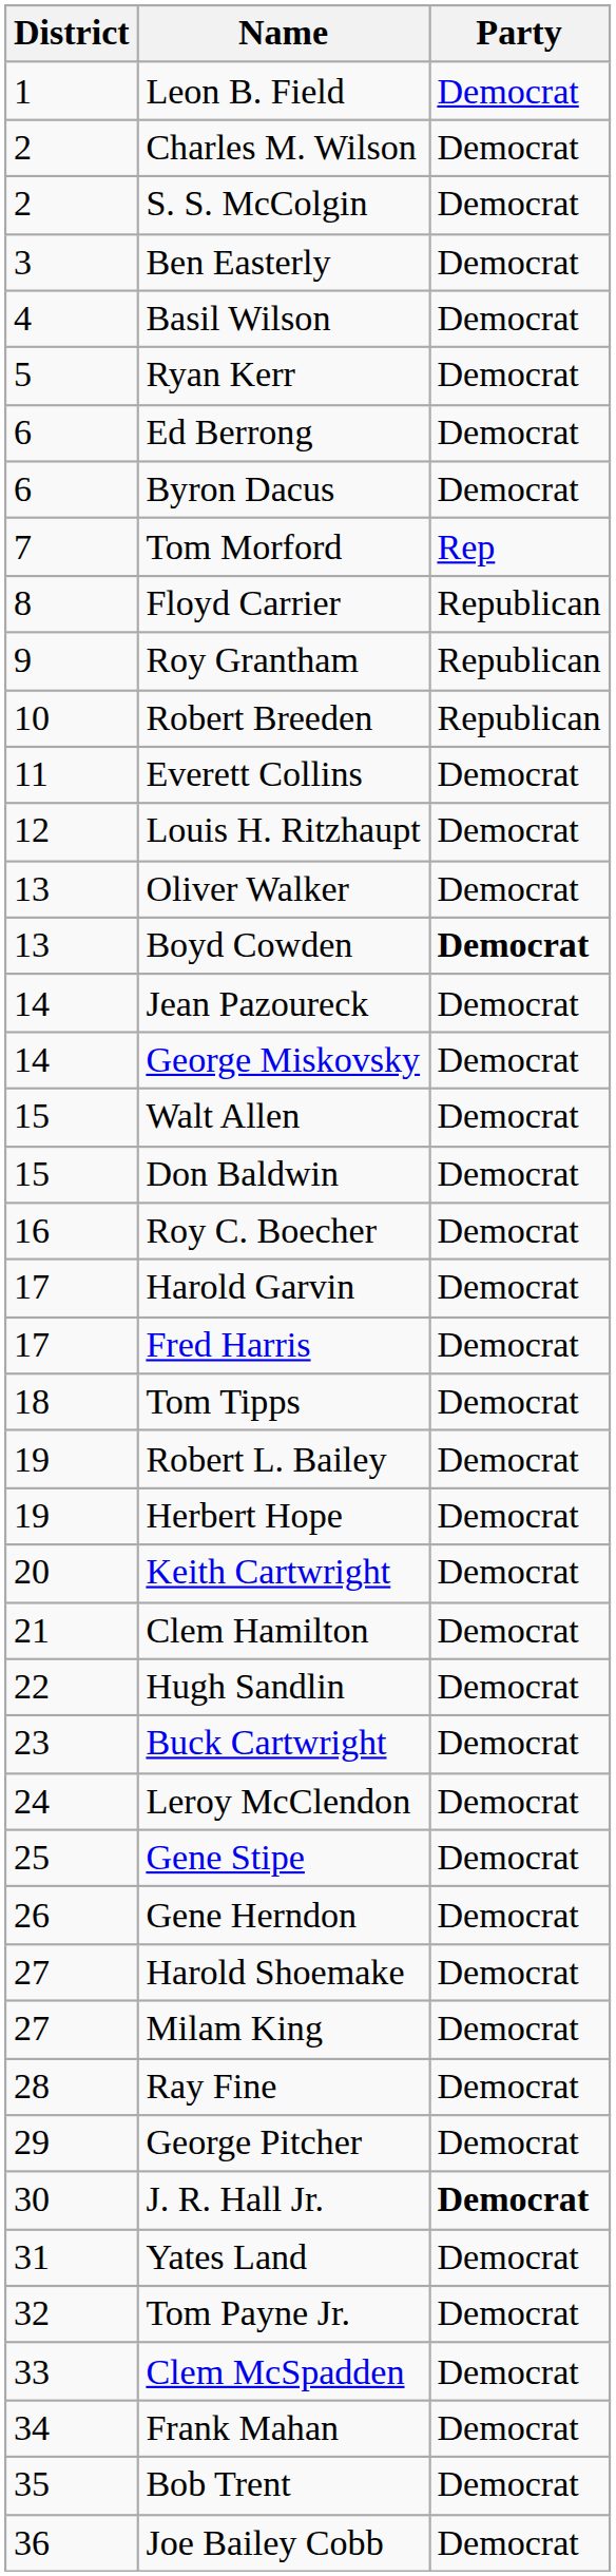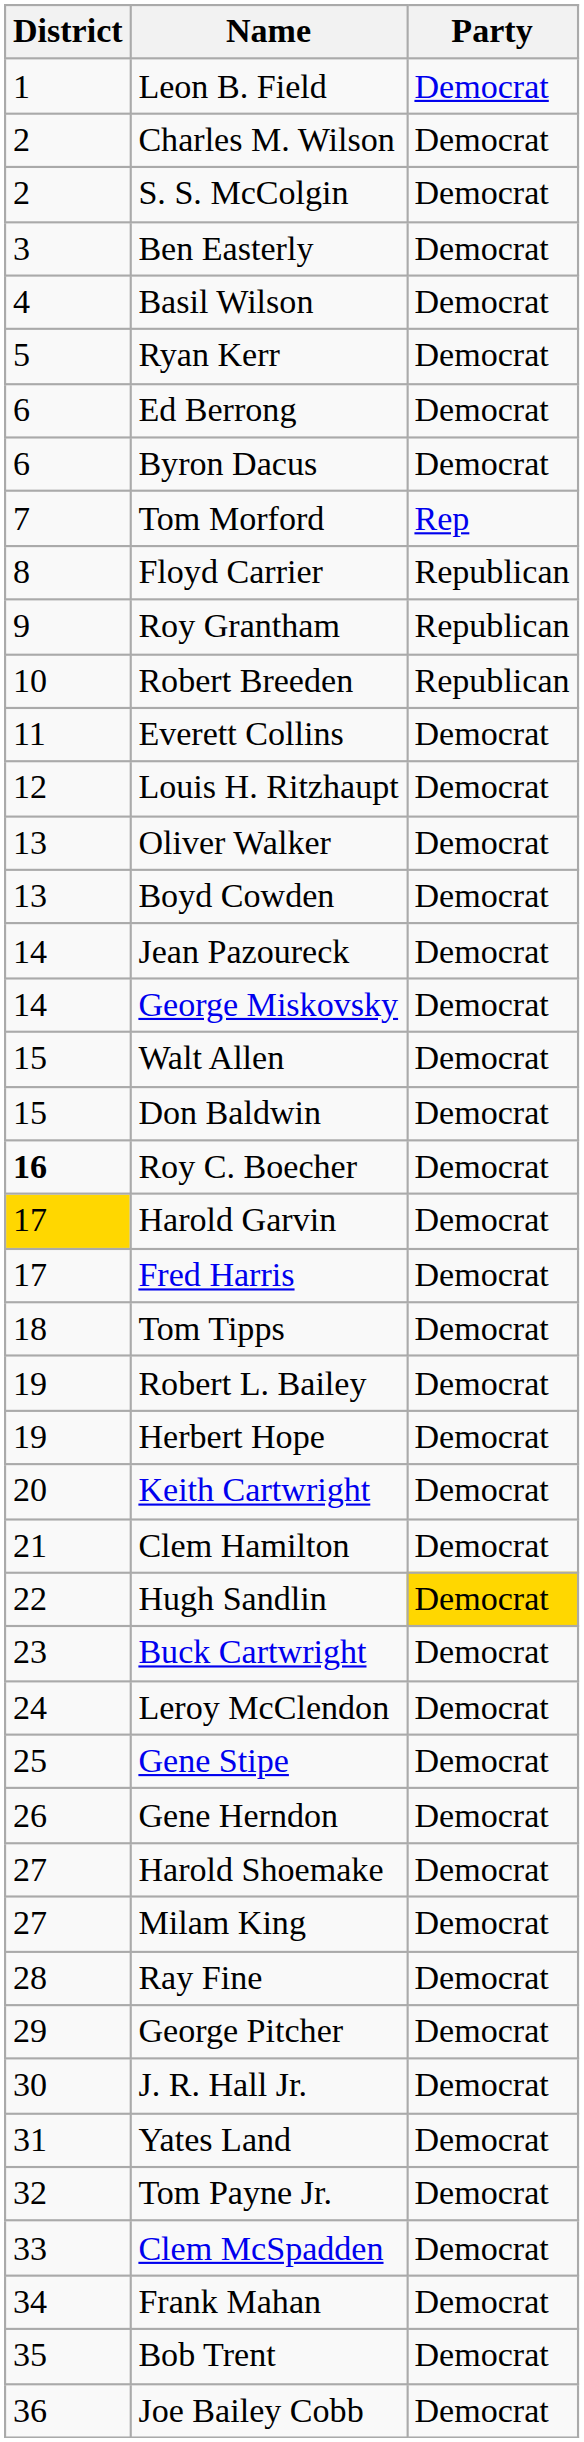 <table class="wikitable sortable">
 <tr>
 <th>District</th>
 <th>Name</th>
 <th>Party</th>
 </tr>
 <tr>
 <td>1</td>
 <td>Leon B. Field</td>
 <td><a href='#'>Democrat</a></td>
 </tr>
 <tr>
 <td>2</td>
 <td>Charles M. Wilson</td>
 <td>Democrat</td>
 </tr>
 <tr>
 <td>2</td>
 <td>S. S. McColgin</td>
 <td>Democrat</td>
 </tr>
 <tr>
 <td>3</td>
 <td>Ben Easterly</td>
 <td>Democrat</td>
 </tr>
 <tr>
 <td>4</td>
 <td>Basil Wilson</td>
 <td>Democrat</td>
 </tr>
 <tr>
 <td>5</td>
 <td>Ryan Kerr</td>
 <td>Democrat</td>
 </tr>
 <tr>
 <td>6</td>
 <td>Ed Berrong</td>
 <td>Democrat</td>
 </tr>
 <tr>
 <td>6</td>
 <td>Byron Dacus</td>
 <td>Democrat</td>
 </tr>
 <tr>
 <td>7</td>
 <td>Tom Morford</td>
 <td><a href='#'>Rep</a></td>
 </tr>
 <tr>
 <td>8</td>
 <td>Floyd Carrier</td>
 <td>Republican</td>
 </tr>
 <tr>
 <td>9</td>
 <td>Roy Grantham</td>
 <td>Republican</td>
 </tr>
 <tr>
 <td>10</td>
 <td>Robert Breeden</td>
 <td>Republican</td>
 </tr>
 <tr>
 <td>11</td>
 <td>Everett Collins</td>
 <td>Democrat</td>
 </tr>
 <tr>
 <td>12</td>
 <td>Louis H. Ritzhaupt</td>
 <td>Democrat</td>
 </tr>
 <tr>
 <td>13</td>
 <td>Oliver Walker</td>
 <td>Democrat</td>
 </tr>
 <tr>
 <td>13</td>
 <td>Boyd Cowden</td>
-<td><strong>Democrat</strong></td>
+<td>Democrat</td>
 </tr>
 <tr>
 <td>14</td>
 <td>Jean Pazoureck</td>
 <td>Democrat</td>
 </tr>
 <tr>
 <td>14</td>
 <td><a href='#'>George Miskovsky</a></td>
 <td>Democrat</td>
 </tr>
 <tr>
 <td>15</td>
 <td>Walt Allen</td>
 <td>Democrat</td>
 </tr>
 <tr>
 <td>15</td>
 <td>Don Baldwin</td>
 <td>Democrat</td>
 </tr>
 <tr>
-<td>16</td>
+<td><strong>16</strong></td>
 <td>Roy C. Boecher</td>
 <td>Democrat</td>
 </tr>
 <tr>
-<td>17</td>
+<td style="background: gold;">17</td>
 <td>Harold Garvin</td>
 <td>Democrat</td>
 </tr>
 <tr>
 <td>17</td>
 <td><a href='#'>Fred Harris</a></td>
 <td>Democrat</td>
 </tr>
 <tr>
 <td>18</td>
 <td>Tom Tipps</td>
 <td>Democrat</td>
 </tr>
 <tr>
 <td>19</td>
 <td>Robert L. Bailey</td>
 <td>Democrat</td>
 </tr>
 <tr>
 <td>19</td>
 <td>Herbert Hope</td>
 <td>Democrat</td>
 </tr>
 <tr>
 <td>20</td>
 <td><a href='#'>Keith Cartwright</a></td>
 <td>Democrat</td>
 </tr>
 <tr>
 <td>21</td>
 <td>Clem Hamilton</td>
 <td>Democrat</td>
 </tr>
 <tr>
 <td>22</td>
 <td>Hugh Sandlin</td>
-<td>Democrat</td>
+<td style="background: gold;">Democrat</td>
 </tr>
 <tr>
 <td>23</td>
 <td><a href='#'>Buck Cartwright</a></td>
 <td>Democrat</td>
 </tr>
 <tr>
 <td>24</td>
 <td>Leroy McClendon</td>
 <td>Democrat</td>
 </tr>
 <tr>
 <td>25</td>
 <td><a href='#'>Gene Stipe</a></td>
 <td>Democrat</td>
 </tr>
 <tr>
 <td>26</td>
 <td>Gene Herndon</td>
 <td>Democrat</td>
 </tr>
 <tr>
 <td>27</td>
 <td>Harold Shoemake</td>
 <td>Democrat</td>
 </tr>
 <tr>
 <td>27</td>
 <td>Milam King</td>
 <td>Democrat</td>
 </tr>
 <tr>
 <td>28</td>
 <td>Ray Fine</td>
 <td>Democrat</td>
 </tr>
 <tr>
 <td>29</td>
 <td>George Pitcher</td>
 <td>Democrat</td>
 </tr>
 <tr>
 <td>30</td>
 <td>J. R. Hall Jr.</td>
-<td><strong>Democrat</strong></td>
+<td>Democrat</td>
 </tr>
 <tr>
 <td>31</td>
 <td>Yates Land</td>
 <td>Democrat</td>
 </tr>
 <tr>
 <td>32</td>
 <td>Tom Payne Jr.</td>
 <td>Democrat</td>
 </tr>
 <tr>
 <td>33</td>
 <td><a href='#'>Clem McSpadden</a></td>
 <td>Democrat</td>
 </tr>
 <tr>
 <td>34</td>
 <td>Frank Mahan</td>
 <td>Democrat</td>
 </tr>
 <tr>
 <td>35</td>
 <td>Bob Trent</td>
 <td>Democrat</td>
 </tr>
 <tr>
 <td>36</td>
 <td>Joe Bailey Cobb</td>
 <td>Democrat</td>
 </tr>
 </table>
